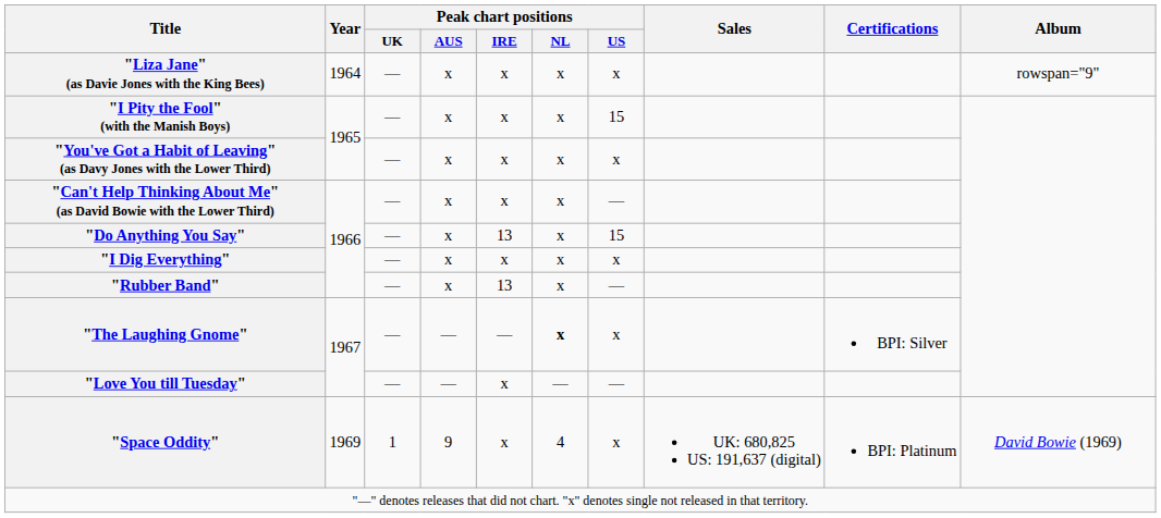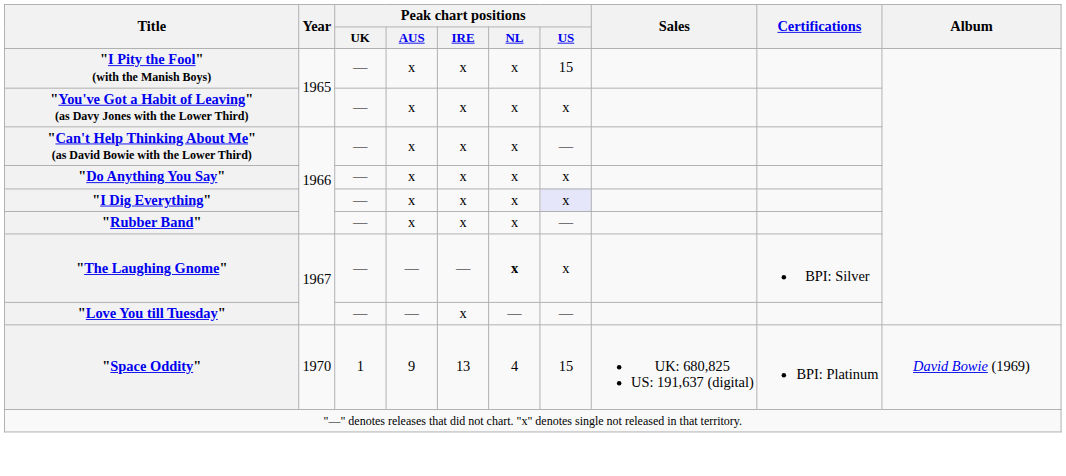 <table class="wikitable plainrowheaders" style="text-align:center;">
 <tr>
 <th scope="col" rowspan="2" style="width:20em;">Title</th>
 <th scope="col" rowspan="2" style="width:1em;">Year</th>
 <th scope="col" colspan="5">Peak chart positions</th>
 <th rowspan="2">Sales</th>
 <th rowspan="2"><a href='#'>Certifications</a></th>
 <th scope="col" rowspan="2" style="width:12em;">Album</th>
 </tr>
 <tr>
 <th style="width:3.5em;font-size:90%">UK<br></th>
 <th style="width:3.5em;font-size:90%"><a href='#'>AUS</a><br></th>
 <th style="width:3.5em;font-size:90%"><a href='#'>IRE</a><br></th>
 <th style="width:3.5em;font-size:90%"><a href='#'>NL</a><br></th>
 <th style="width:3.5em;font-size:90%"><a href='#'>US</a><br></th>
-</tr>
-<tr>
-<th scope="row">"<a href='#'>Liza Jane</a>" <br><small>(as Davie Jones with the King Bees)</small></th>
-<td>1964</td>
-<td>—</td>
-<td>x</td>
-<td>x</td>
-<td>x</td>
-<td>x</td>
-<td></td>
-<td></td>
-<td>rowspan="9" </td>
 </tr>
 <tr>
 <th scope="row">"<a href='#'>I Pity the Fool</a>"<br><small>(with the Manish Boys)</small></th>
 <td rowspan="2">1965</td>
 <td>—</td>
 <td>x</td>
 <td>x</td>
 <td>x</td>
 <td>15<br></td>
 <td></td>
 <td></td>
 </tr>
 <tr>
 <th scope="row">"<a href='#'>You've Got a Habit of Leaving</a>"<br><small>(as Davy Jones with the Lower Third)</small></th>
 <td>—</td>
 <td>x</td>
 <td>x</td>
 <td>x</td>
 <td>x</td>
 <td></td>
 <td></td>
 </tr>
 <tr>
 <th scope="row">"<a href='#'>Can't Help Thinking About Me</a>"<br><small>(as David Bowie with the Lower Third)</small></th>
 <td rowspan="4">1966</td>
 <td>—</td>
 <td>x</td>
 <td>x</td>
 <td>x</td>
 <td>—</td>
 <td></td>
 <td></td>
 </tr>
 <tr>
 <th scope="row">"<a href='#'>Do Anything You Say</a>"</th>
 <td>—</td>
 <td>x</td>
-<td>13</td>
 <td>x</td>
-<td>15<br></td>
+<td>x</td>
+<td>x</td>
 <td></td>
 <td></td>
 </tr>
 <tr>
 <th scope="row">"<a href='#'>I Dig Everything</a>"</th>
 <td>—</td>
 <td>x</td>
 <td>x</td>
 <td>x</td>
-<td>x</td>
+<td style="background: lavender;">x</td>
 <td></td>
 <td></td>
 </tr>
 <tr>
 <th scope="row">"<a href='#'>Rubber Band</a>"<small></small></th>
 <td>—</td>
 <td>x</td>
-<td>13</td>
+<td>x</td>
 <td>x</td>
 <td>—</td>
 <td></td>
 <td></td>
 </tr>
 <tr>
 <th scope="row">"<a href='#'>The Laughing Gnome</a>"</th>
 <td rowspan="2">1967</td>
 <td>—<br></td>
 <td>—<br></td>
 <td>—<br></td>
 <td><strong>x</strong></td>
 <td>x</td>
 <td></td>
 <td><br><ul><li>BPI: Silver</li></ul></td>
 </tr>
 <tr>
 <th scope="row">"<a href='#'>Love You till Tuesday</a>"</th>
 <td>—</td>
 <td>—</td>
 <td>x</td>
 <td>—</td>
 <td>—</td>
 <td></td>
 <td></td>
 </tr>
 <tr>
 <th scope="row">"<a href='#'>Space Oddity</a>"</th>
-<td>1969</td>
+<td>1970</td>
 <td>1<br></td>
 <td>9<br></td>
-<td>x</td>
+<td>13</td>
 <td>4<br></td>
-<td>x</td>
+<td>15<br></td>
 <td><br><ul><li>UK: 680,825</li><li>US: 191,637 (digital)</li></ul></td>
 <td><br><ul><li>BPI: Platinum</li></ul></td>
 <td><em><a href='#'>David Bowie</a></em> (1969)</td>
 </tr>
 <tr>
 <td colspan="10"><small>"—" denotes releases that did not chart. "x" denotes single not released in that territory.</small></td>
 </tr>
 </table>
